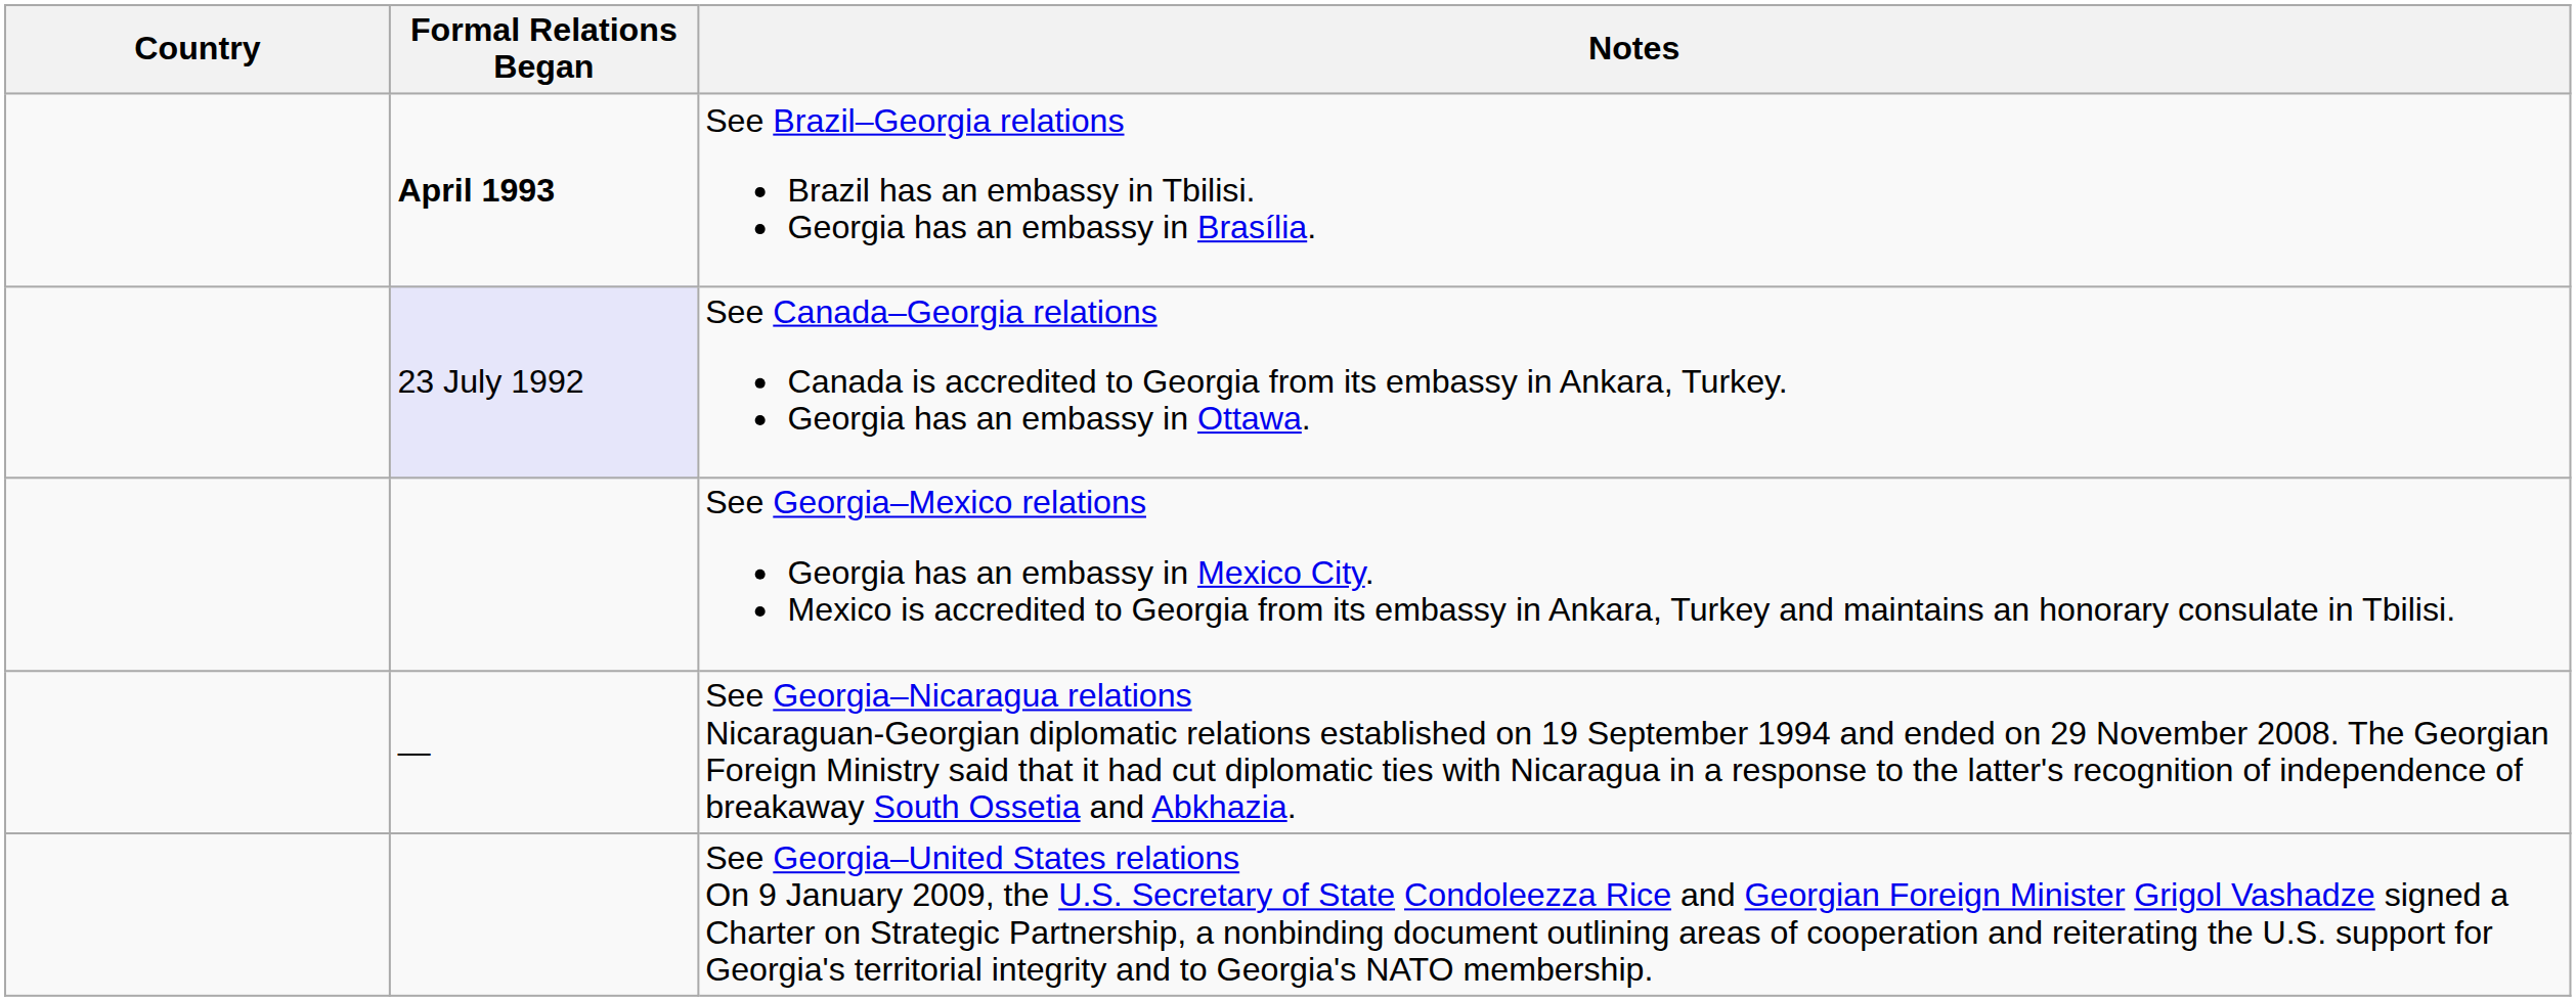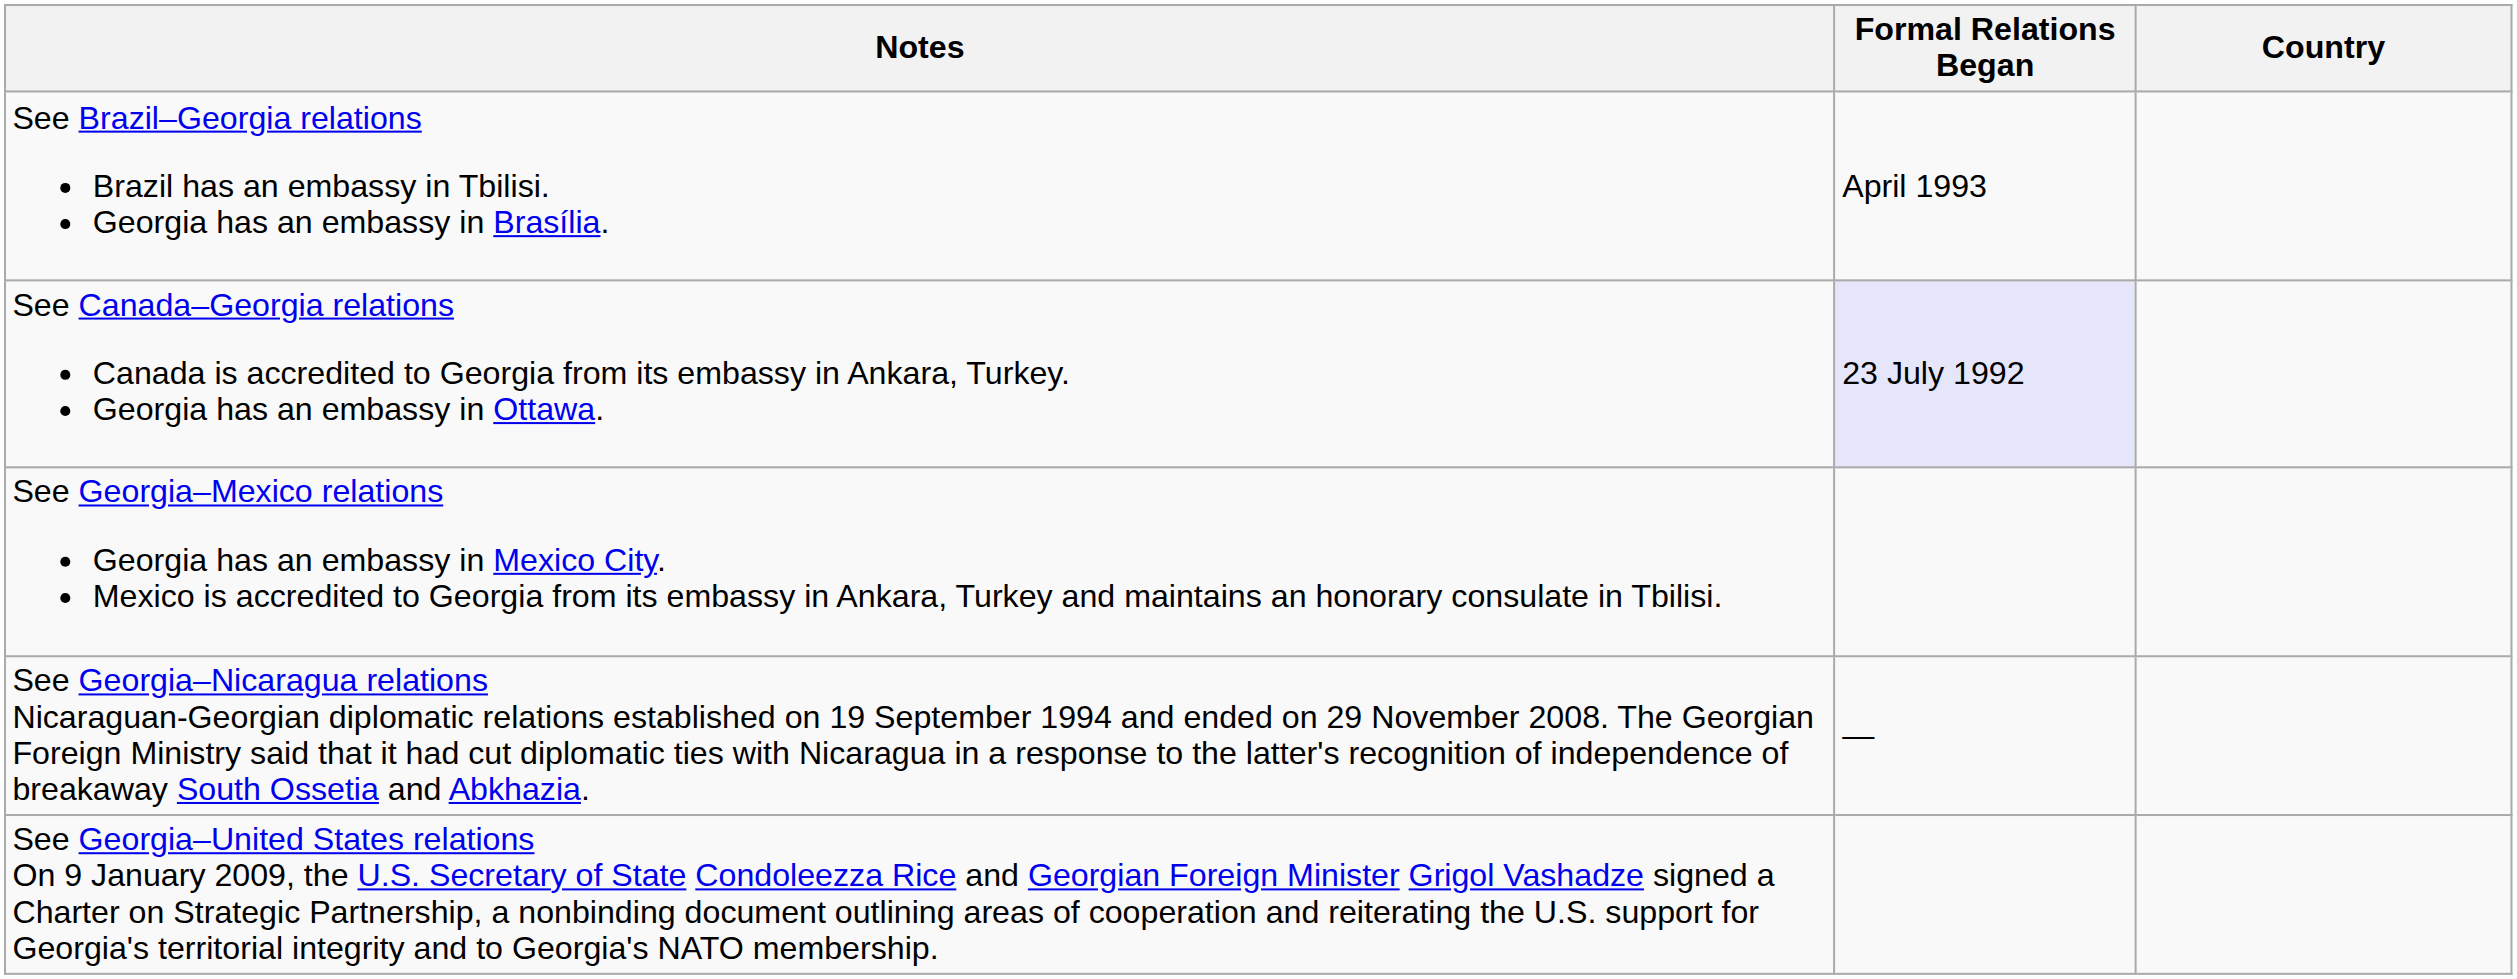 <table class="wikitable sortable">
 <tr>
+<th>Notes</th>
+<th width="12%">Formal Relations Began</th>
 <th width="15%">Country</th>
-<th width="12%">Formal Relations Began</th>
-<th>Notes</th>
 </tr>
 <tr -valign="top">
+<td>See <a href='#'>Brazil–Georgia relations</a><br><ul><li>Brazil has an embassy in Tbilisi.</li><li>Georgia has an embassy in <a href='#'>Brasília</a>.</li></ul></td>
+<td>April 1993</td>
 <td></td>
-<td><strong>April 1993</strong></td>
-<td>See <a href='#'>Brazil–Georgia relations</a><br><ul><li>Brazil has an embassy in Tbilisi.</li><li>Georgia has an embassy in <a href='#'>Brasília</a>.</li></ul></td>
 </tr>
 <tr -valign="top">
+<td>See <a href='#'>Canada–Georgia relations</a><br><ul><li>Canada is accredited to Georgia from its embassy in Ankara, Turkey.</li><li>Georgia has an embassy in <a href='#'>Ottawa</a>.</li></ul></td>
+<td style="background: lavender;">23 July 1992</td>
 <td></td>
-<td style="background: lavender;">23 July 1992</td>
-<td>See <a href='#'>Canada–Georgia relations</a><br><ul><li>Canada is accredited to Georgia from its embassy in Ankara, Turkey.</li><li>Georgia has an embassy in <a href='#'>Ottawa</a>.</li></ul></td>
 </tr>
 <tr -valign="top">
+<td>See <a href='#'>Georgia–Mexico relations</a><br><ul><li>Georgia has an embassy in <a href='#'>Mexico City</a>.</li><li>Mexico is accredited to Georgia from its embassy in Ankara, Turkey and maintains an honorary consulate in Tbilisi.</li></ul></td>
 <td></td>
 <td></td>
-<td>See <a href='#'>Georgia–Mexico relations</a><br><ul><li>Georgia has an embassy in <a href='#'>Mexico City</a>.</li><li>Mexico is accredited to Georgia from its embassy in Ankara, Turkey and maintains an honorary consulate in Tbilisi.</li></ul></td>
 </tr>
 <tr -valign="top">
+<td>See <a href='#'>Georgia–Nicaragua relations</a><br>Nicaraguan-Georgian diplomatic relations established on 19 September 1994 and ended on 29 November 2008. The Georgian Foreign Ministry said that it had cut diplomatic ties with Nicaragua in a response to the latter's recognition of independence of breakaway <a href='#'>South Ossetia</a> and <a href='#'>Abkhazia</a>.</td>
+<td> — </td>
 <td></td>
-<td> — </td>
-<td>See <a href='#'>Georgia–Nicaragua relations</a><br>Nicaraguan-Georgian diplomatic relations established on 19 September 1994 and ended on 29 November 2008. The Georgian Foreign Ministry said that it had cut diplomatic ties with Nicaragua in a response to the latter's recognition of independence of breakaway <a href='#'>South Ossetia</a> and <a href='#'>Abkhazia</a>.</td>
 </tr>
 <tr -valign="top">
+<td>See <a href='#'>Georgia–United States relations</a><br>On 9 January 2009, the <a href='#'>U.S. Secretary of State</a> <a href='#'>Condoleezza Rice</a> and <a href='#'>Georgian Foreign Minister</a> <a href='#'>Grigol Vashadze</a> signed a Charter on Strategic Partnership, a nonbinding document outlining areas of cooperation and reiterating the U.S. support for Georgia's territorial integrity and to Georgia's NATO membership.</td>
 <td></td>
 <td></td>
-<td>See <a href='#'>Georgia–United States relations</a><br>On 9 January 2009, the <a href='#'>U.S. Secretary of State</a> <a href='#'>Condoleezza Rice</a> and <a href='#'>Georgian Foreign Minister</a> <a href='#'>Grigol Vashadze</a> signed a Charter on Strategic Partnership, a nonbinding document outlining areas of cooperation and reiterating the U.S. support for Georgia's territorial integrity and to Georgia's NATO membership.</td>
 </tr>
 </table>
